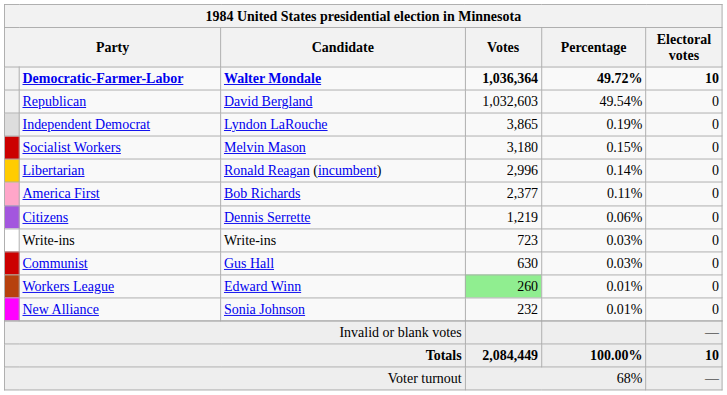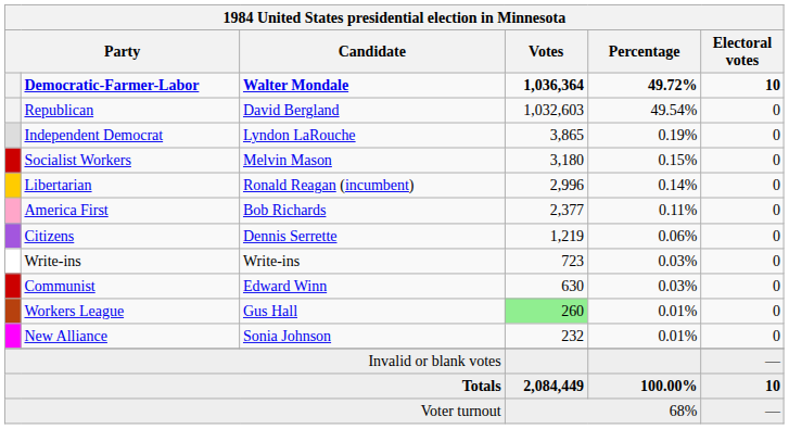 <table class="wikitable" style="font-size: 95%;">
 <tr>
 <th colspan="6">1984 United States presidential election in Minnesota</th>
 </tr>
 <tr>
 <th colspan="2" style="width: 15em">Party</th>
 <th style="width: 17em">Candidate</th>
 <th style="width: 5em">Votes</th>
 <th style="width: 7em">Percentage</th>
 <th style="width: 5em">Electoral votes</th>
 </tr>
 <tr>
 <th style="background-color:"></th>
 <td style="width: 130px"><strong><a href='#'>Democratic-Farmer-Labor</a></strong></td>
 <td><strong><a href='#'>Walter Mondale</a></strong></td>
 <td align="right"><strong>1,036,364</strong></td>
 <td align="right"><strong>49.72%</strong></td>
 <td align="right"><strong>10</strong></td>
 </tr>
 <tr>
 <th style="background-color:"></th>
 <td style="width: 130px"><a href='#'>Republican</a></td>
 <td><a href='#'>David Bergland</a></td>
 <td align="right">1,032,603</td>
 <td align="right">49.54%</td>
 <td align="right">0</td>
 </tr>
 <tr>
 <th style="background-color:#DDDDDD; width: 3px"></th>
 <td style="width: 130px"><a href='#'>Independent Democrat</a></td>
 <td><a href='#'>Lyndon LaRouche</a></td>
 <td align="right">3,865</td>
 <td align="right">0.19%</td>
 <td align="right">0</td>
 </tr>
 <tr>
 <th style="background-color:#CC0000; width: 3px"></th>
 <td style="width: 130px"><a href='#'>Socialist Workers</a></td>
 <td><a href='#'>Melvin Mason</a></td>
 <td align="right">3,180</td>
 <td align="right">0.15%</td>
 <td align="right">0</td>
 </tr>
 <tr>
 <th style="background-color:#FFCC00; width: 3px"></th>
 <td style="width: 130px"><a href='#'>Libertarian</a></td>
 <td><a href='#'>Ronald Reagan</a> (<a href='#'>incumbent</a>)</td>
 <td align="right">2,996</td>
 <td align="right">0.14%</td>
 <td align="right">0</td>
 </tr>
 <tr>
 <th style="background-color:#FFA6C9; width: 3px"></th>
 <td style="width: 130px"><a href='#'>America First</a></td>
 <td><a href='#'>Bob Richards</a></td>
 <td align="right">2,377</td>
 <td align="right">0.11%</td>
 <td align="right">0</td>
 </tr>
 <tr>
 <th style="background-color:#A356DE; width: 3px"></th>
 <td style="width: 130px"><a href='#'>Citizens</a></td>
 <td><a href='#'>Dennis Serrette</a></td>
 <td align="right">1,219</td>
 <td align="right">0.06%</td>
 <td align="right">0</td>
 </tr>
 <tr>
 <th style="background-color:#FFFFFF; width: 3px"></th>
 <td style="width: 130px">Write-ins</td>
 <td>Write-ins</td>
 <td align="right">723</td>
 <td align="right">0.03%</td>
 <td align="right">0</td>
 </tr>
 <tr>
 <th style="background-color:#CC0000; width: 3px"></th>
 <td style="width: 130px"><a href='#'>Communist</a></td>
-<td><a href='#'>Gus Hall</a></td>
+<td><a href='#'>Edward Winn</a></td>
 <td align="right">630</td>
 <td align="right">0.03%</td>
 <td align="right">0</td>
 </tr>
 <tr>
 <th style="background-color:#B7410E; width: 3px"></th>
 <td style="width: 130px"><a href='#'>Workers League</a></td>
-<td><a href='#'>Edward Winn</a></td>
+<td><a href='#'>Gus Hall</a></td>
 <td align="right" style="background: lightgreen;">260</td>
 <td align="right">0.01%</td>
 <td align="right">0</td>
 </tr>
 <tr>
 <th style="background-color:#FF00FF; width: 3px"></th>
 <td style="width: 130px"><a href='#'>New Alliance</a></td>
 <td><a href='#'>Sonia Johnson</a></td>
 <td align="right">232</td>
 <td align="right">0.01%</td>
 <td align="right">0</td>
 </tr>
 <tr>
 </tr>
 <tr bgcolor="#EEEEEE">
 <td colspan="3" align="right">Invalid or blank votes</td>
 <td align="right"></td>
 <td align="right"></td>
 <td align="right">—</td>
 </tr>
 <tr bgcolor="#EEEEEE">
 <td colspan="3" align="right"><strong>Totals</strong></td>
 <td align="right"><strong>2,084,449</strong></td>
 <td align="right"><strong>100.00%</strong></td>
 <td align="right"><strong>10</strong></td>
 </tr>
 <tr bgcolor="#EEEEEE">
 <td colspan="3" align="right">Voter turnout</td>
 <td colspan="2" align="right">68%</td>
 <td align="right">—</td>
 </tr>
 </table>
